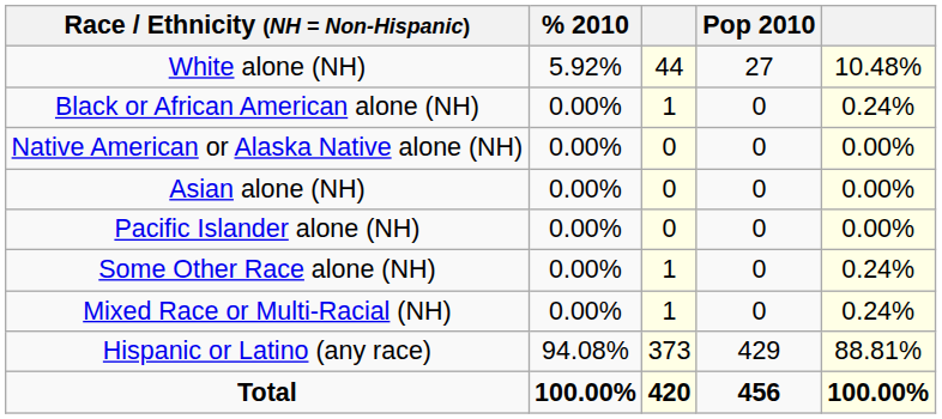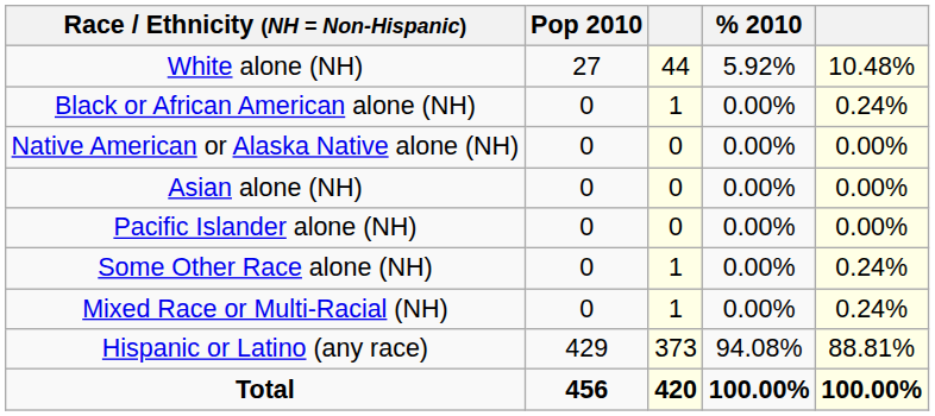 <table class="wikitable" style="text-align:center;">
 <tr>
 <th>Race / Ethnicity <small>(<em>NH = Non-Hispanic</em>)</small></th>
+<th>Pop 2010</th>
+<th></th>
 <th>% 2010</th>
-<th></th>
-<th>Pop 2010</th>
 <th></th>
 </tr>
 <tr>
 <td><a href='#'>White</a> alone (NH)</td>
+<td>27</td>
+<td style='background: #ffffe6;'>44</td>
 <td>5.92%</td>
-<td style='background: #ffffe6;'>44</td>
-<td>27</td>
 <td style='background: #ffffe6;'>10.48%</td>
 </tr>
 <tr>
 <td><a href='#'>Black or African American</a> alone (NH)</td>
+<td>0</td>
+<td style='background: #ffffe6;'>1</td>
 <td>0.00%</td>
-<td style='background: #ffffe6;'>1</td>
-<td>0</td>
 <td style='background: #ffffe6;'>0.24%</td>
 </tr>
 <tr>
 <td><a href='#'>Native American</a> or <a href='#'>Alaska Native</a> alone (NH)</td>
+<td>0</td>
+<td style='background: #ffffe6;'>0</td>
 <td>0.00%</td>
-<td style='background: #ffffe6;'>0</td>
-<td>0</td>
 <td style='background: #ffffe6;'>0.00%</td>
 </tr>
 <tr>
 <td><a href='#'>Asian</a> alone (NH)</td>
+<td>0</td>
+<td style='background: #ffffe6;'>0</td>
 <td>0.00%</td>
-<td style='background: #ffffe6;'>0</td>
-<td>0</td>
 <td style='background: #ffffe6;'>0.00%</td>
 </tr>
 <tr>
 <td><a href='#'>Pacific Islander</a> alone (NH)</td>
+<td>0</td>
+<td style='background: #ffffe6;'>0</td>
 <td>0.00%</td>
-<td style='background: #ffffe6;'>0</td>
-<td>0</td>
 <td style='background: #ffffe6;'>0.00%</td>
 </tr>
 <tr>
 <td><a href='#'>Some Other Race</a> alone (NH)</td>
+<td>0</td>
+<td style='background: #ffffe6;'>1</td>
 <td>0.00%</td>
-<td style='background: #ffffe6;'>1</td>
-<td>0</td>
 <td style='background: #ffffe6;'>0.24%</td>
 </tr>
 <tr>
 <td><a href='#'>Mixed Race or Multi-Racial</a> (NH)</td>
+<td>0</td>
+<td style='background: #ffffe6;'>1</td>
 <td>0.00%</td>
-<td style='background: #ffffe6;'>1</td>
-<td>0</td>
 <td style='background: #ffffe6;'>0.24%</td>
 </tr>
 <tr>
 <td><a href='#'>Hispanic or Latino</a> (any race)</td>
+<td>429</td>
+<td style='background: #ffffe6;'>373</td>
 <td>94.08%</td>
-<td style='background: #ffffe6;'>373</td>
-<td>429</td>
 <td style='background: #ffffe6;'>88.81%</td>
 </tr>
 <tr>
 <td><strong>Total</strong></td>
+<td><strong>456</strong></td>
+<td style='background: #ffffe6;'><strong>420</strong></td>
 <td><strong>100.00%</strong></td>
-<td style='background: #ffffe6;'><strong>420</strong></td>
-<td><strong>456</strong></td>
 <td style='background: #ffffe6;'><strong>100.00%</strong></td>
 </tr>
 </table>
